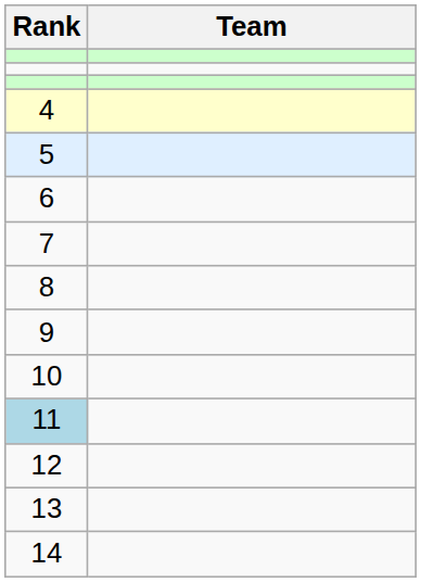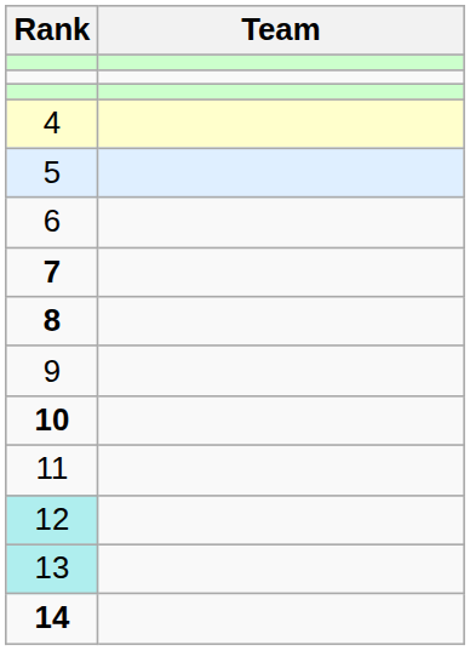 <table class="wikitable" style="text-align: center;">
 <tr>
 <th width=40>Rank</th>
 <th width=180>Team</th>
 </tr>
 <tr bgcolor=#ccffcc>
 <td></td>
 <td align="left"></td>
 </tr>
 <tr>
 <td></td>
 <td align="left"></td>
 </tr>
 <tr bgcolor=#ccffcc>
 <td></td>
 <td align="left"></td>
 </tr>
 <tr bgcolor=#ffffcc>
 <td>4</td>
 <td align="left"></td>
 </tr>
 <tr bgcolor=#dfefff>
 <td>5</td>
 <td align="left"></td>
 </tr>
 <tr>
 <td>6</td>
 <td align="left"></td>
 </tr>
 <tr>
-<td>7</td>
+<td><strong>7</strong></td>
 <td align="left"></td>
 </tr>
 <tr>
-<td>8</td>
+<td><strong>8</strong></td>
 <td align="left"></td>
 </tr>
 <tr>
 <td>9</td>
 <td align="left"></td>
 </tr>
 <tr>
-<td>10</td>
+<td><strong>10</strong></td>
 <td align="left"></td>
 </tr>
 <tr>
-<td style="background: lightblue;">11</td>
+<td>11</td>
 <td align="left"></td>
 </tr>
 <tr>
-<td>12</td>
+<td style="background: paleturquoise;">12</td>
 <td align="left"></td>
 </tr>
 <tr>
-<td>13</td>
+<td style="background: paleturquoise;">13</td>
 <td align="left"></td>
 </tr>
 <tr>
-<td>14</td>
+<td><strong>14</strong></td>
 <td align="left"></td>
 </tr>
 </table>
